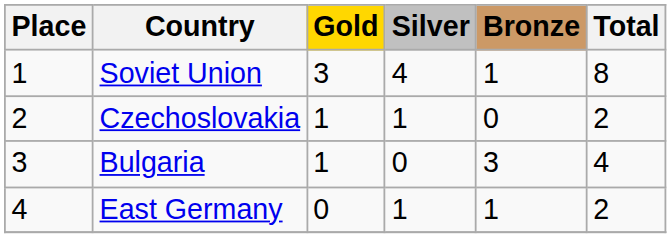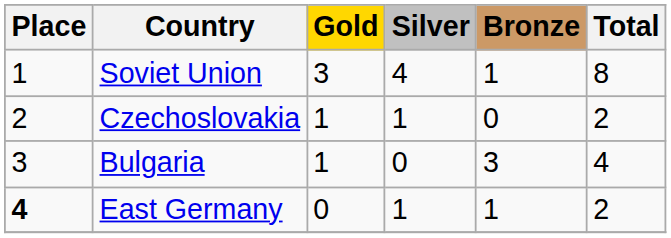 <table class="wikitable">
 <tr>
 <th>Place</th>
 <th>Country</th>
 <th style="background-color:#FFD700;">Gold</th>
 <th style="background-color:#C0C0C0;">Silver</th>
 <th style="background-color:#CC9966;">Bronze</th>
 <th>Total</th>
 </tr>
 <tr>
 <td>1</td>
 <td> <a href='#'>Soviet Union</a></td>
 <td>3</td>
 <td>4</td>
 <td>1</td>
 <td>8</td>
 </tr>
 <tr>
 <td>2</td>
 <td> <a href='#'>Czechoslovakia</a></td>
 <td>1</td>
 <td>1</td>
 <td>0</td>
 <td>2</td>
 </tr>
 <tr>
 <td>3</td>
 <td> <a href='#'>Bulgaria</a></td>
 <td>1</td>
 <td>0</td>
 <td>3</td>
 <td>4</td>
 </tr>
 <tr>
-<td>4</td>
+<td><strong>4</strong></td>
 <td> <a href='#'>East Germany</a></td>
 <td>0</td>
 <td>1</td>
 <td>1</td>
 <td>2</td>
 </tr>
 <tr>
 </tr>
 </table>
